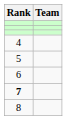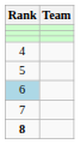 <table class="wikitable">
 <tr>
 <th>Rank</th>
 <th>Team</th>
 </tr>
 <tr bgcolor=ccffcc>
 <td align=center></td>
 <td></td>
 </tr>
 <tr bgcolor=ccffcc>
 <td align=center></td>
 <td></td>
 </tr>
 <tr bgcolor=ccffcc>
 <td align=center></td>
 <td></td>
 </tr>
 <tr>
 <td align=center>4</td>
 <td></td>
 </tr>
 <tr>
 <td align=center>5</td>
 <td></td>
 </tr>
 <tr>
-<td align=center>6</td>
+<td align=center style="background: lightblue;">6</td>
 <td></td>
 </tr>
 <tr>
-<td align=center><strong>7</strong></td>
+<td align=center>7</td>
 <td></td>
 </tr>
 <tr>
-<td align=center>8</td>
+<td align=center><strong>8</strong></td>
 <td></td>
 </tr>
 </table>
